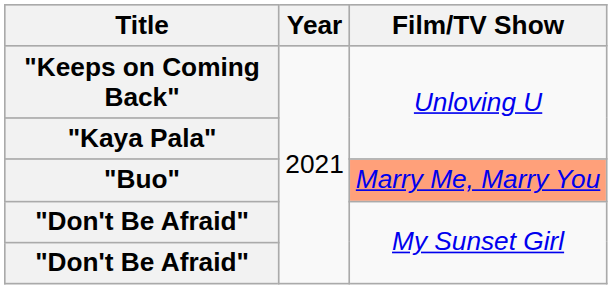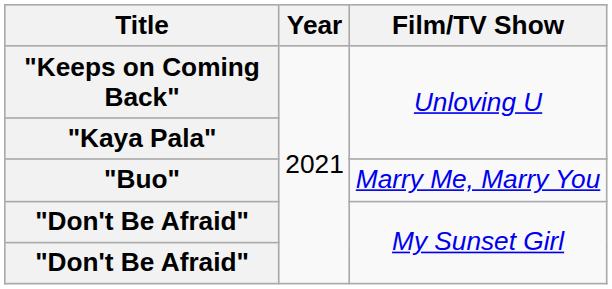 <table class="wikitable plainrowheaders" style="text-align:center;">
 <tr>
 <th scope="col" style="width:10em;">Title</th>
 <th>Year</th>
 <th>Film/TV Show</th>
 </tr>
 <tr>
 <th scope="row">"Keeps on Coming Back"</th>
 <td rowspan="5">2021</td>
 <td rowspan="2"><em><a href='#'>Unloving U</a></em></td>
 </tr>
 <tr>
 <th scope="row">"Kaya Pala" <br></th>
 </tr>
 <tr>
 <th scope="row">"Buo"</th>
-<td style="background: lightsalmon;"><em><a href='#'>Marry Me, Marry You</a></em></td>
+<td><em><a href='#'>Marry Me, Marry You</a></em></td>
 </tr>
 <tr>
 <th scope="row">"Don't Be Afraid" <br></th>
 <td rowspan="2"><em><a href='#'>My Sunset Girl</a></em></td>
 </tr>
 <tr>
 <th scope="row">"Don't Be Afraid" <br></th>
 </tr>
 </table>
